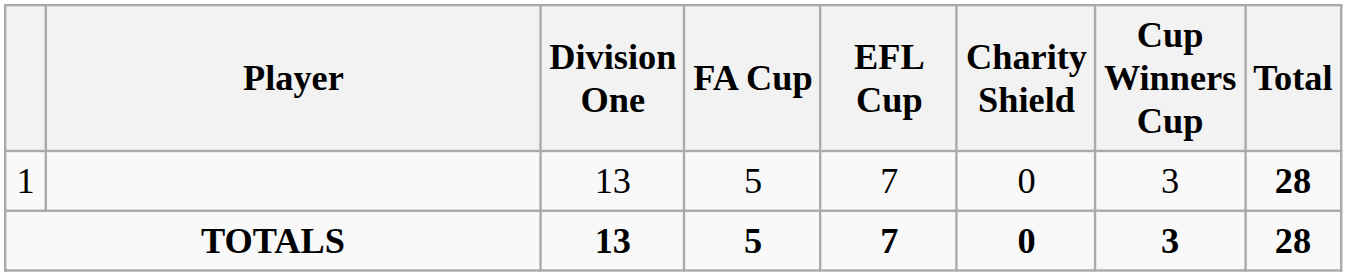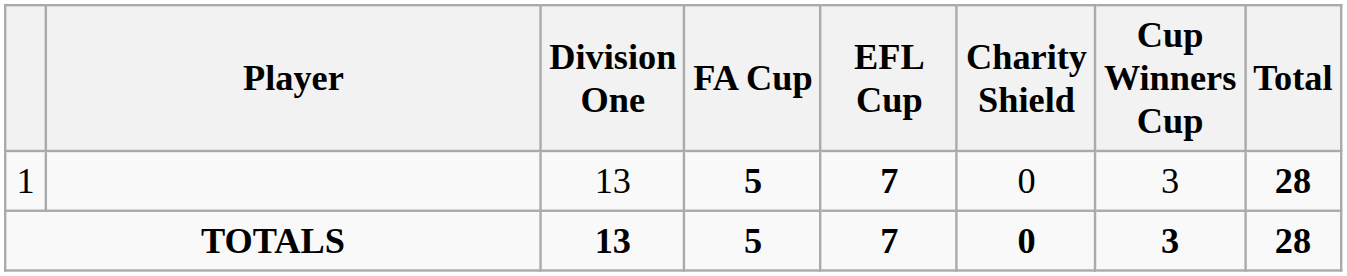 <table class="wikitable sortable" style="font-size: 95%; text-align: center">
 <tr>
 <th width=10></th>
 <th width=200>Player</th>
 <th width=50>Division One</th>
 <th width=50>FA Cup</th>
 <th width=50>EFL Cup</th>
 <th width=50>Charity Shield</th>
 <th width=50>Cup Winners Cup</th>
 <th>Total</th>
 </tr>
 <tr>
 <td>1</td>
 <td></td>
 <td>13</td>
-<td>5</td>
-<td>7</td>
+<td><strong>5</strong></td>
+<td><strong>7</strong></td>
 <td>0</td>
 <td>3</td>
 <td><strong>28</strong></td>
 </tr>
 <tr>
 <td colspan="2"><strong>TOTALS</strong></td>
 <td><strong>13</strong></td>
 <td><strong>5</strong></td>
 <td><strong>7</strong></td>
 <td><strong>0</strong></td>
 <td><strong>3</strong></td>
 <td><strong>28</strong></td>
 </tr>
 </table>
